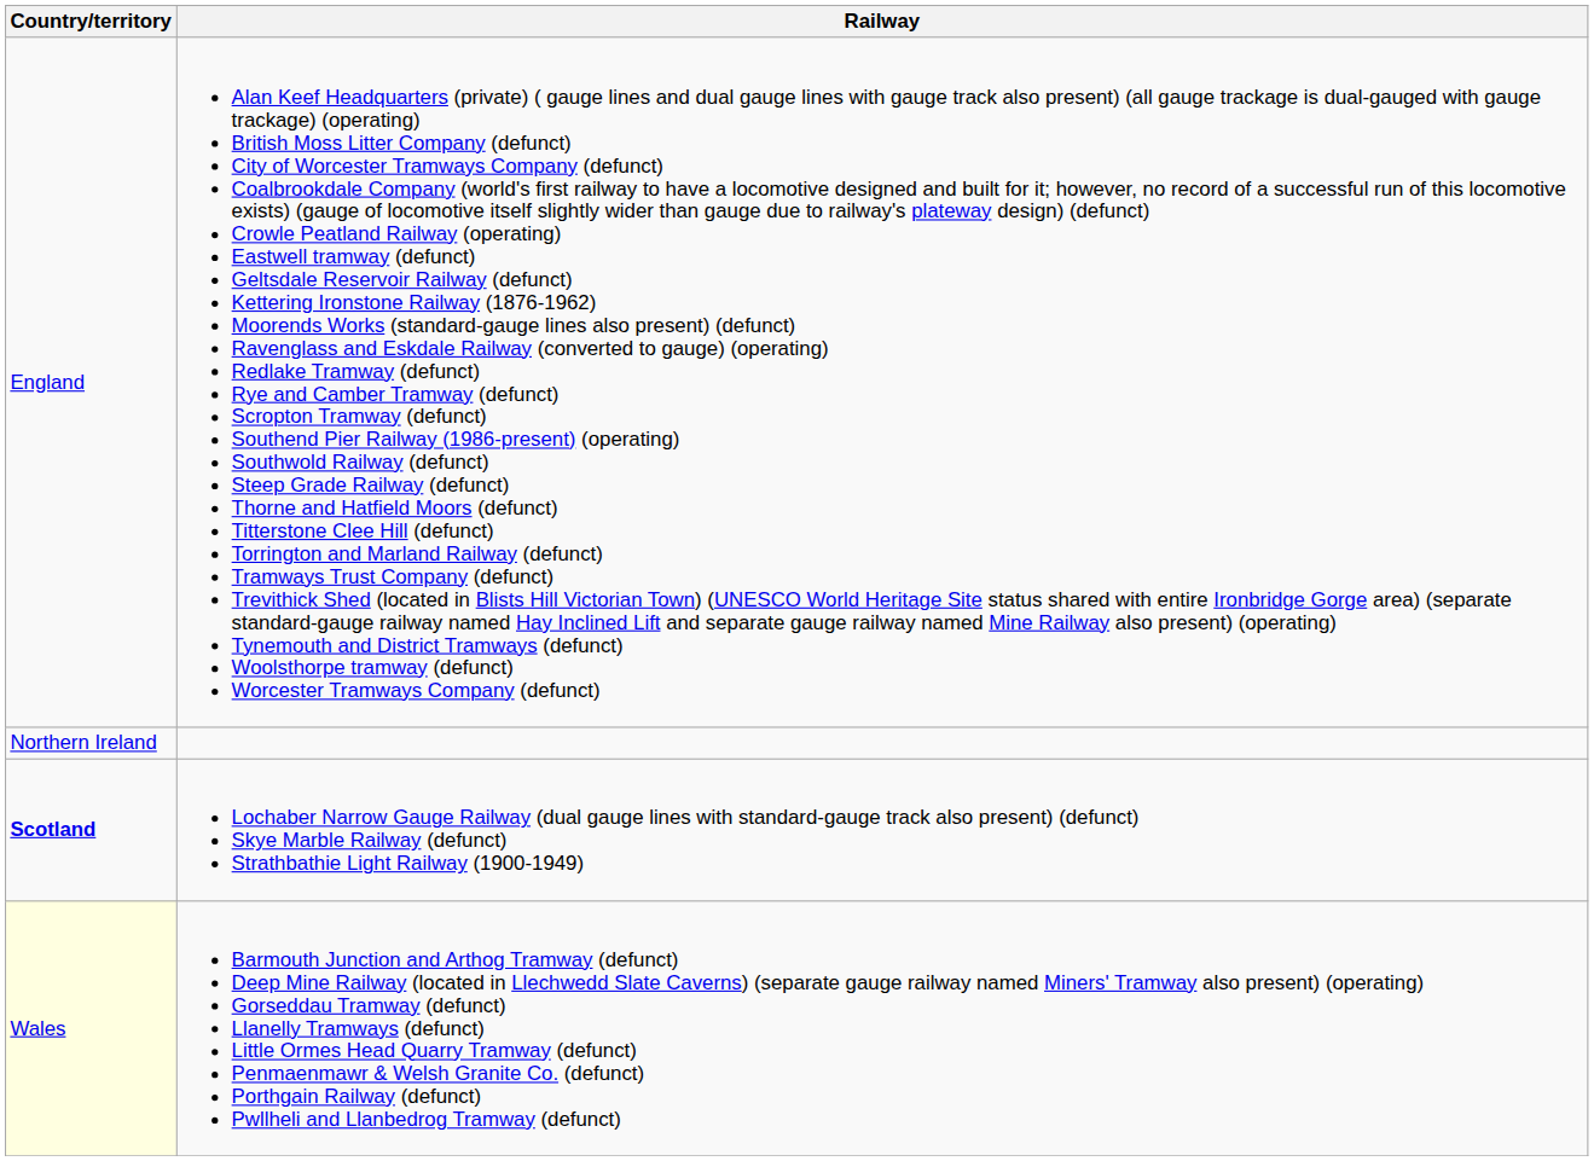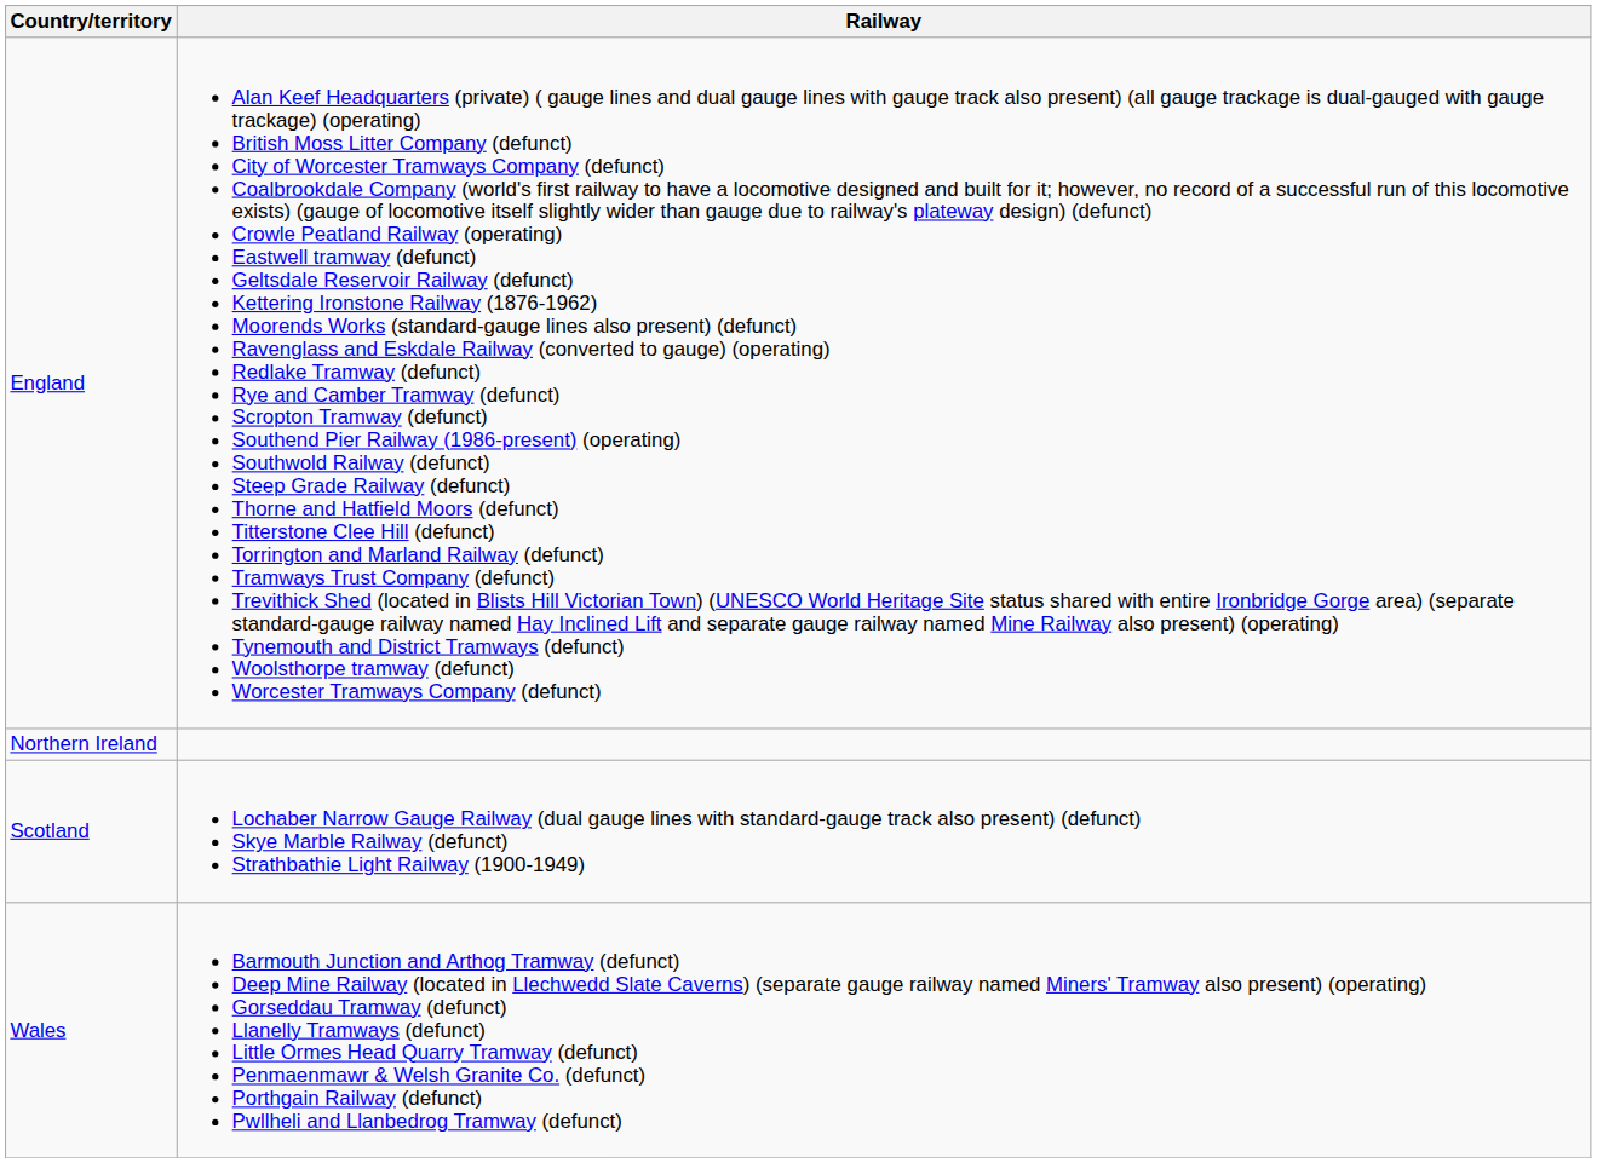 <table class=wikitable>
 <tr>
 <th>Country/territory</th>
 <th>Railway</th>
 </tr>
 <tr>
 <td><a href='#'>England</a></td>
 <td><br><ul><li><a href='#'>Alan Keef Headquarters</a> (private) ( gauge lines and dual gauge lines with  gauge track also present) (all  gauge trackage is dual-gauged with  gauge trackage) (operating)</li><li><a href='#'>British Moss Litter Company</a> (defunct)</li><li><a href='#'>City of Worcester Tramways Company</a> (defunct)</li><li><a href='#'>Coalbrookdale Company</a> (world's first railway to have a locomotive designed and built for it; however, no record of a successful run of this locomotive exists) (gauge of locomotive itself slightly wider than  gauge due to railway's <a href='#'>plateway</a> design) (defunct)</li><li><a href='#'>Crowle Peatland Railway</a> (operating)</li><li><a href='#'>Eastwell tramway</a> (defunct)</li><li><a href='#'>Geltsdale Reservoir Railway</a> (defunct)</li><li><a href='#'>Kettering Ironstone Railway</a> (1876-1962)</li><li><a href='#'>Moorends Works</a> (standard-gauge lines also present) (defunct)</li><li><a href='#'>Ravenglass and Eskdale Railway</a> (converted to  gauge) (operating)</li><li><a href='#'>Redlake Tramway</a> (defunct)</li><li><a href='#'>Rye and Camber Tramway</a> (defunct)</li><li><a href='#'>Scropton Tramway</a> (defunct)</li><li><a href='#'>Southend Pier Railway (1986-present)</a> (operating)</li><li><a href='#'>Southwold Railway</a> (defunct)</li><li><a href='#'>Steep Grade Railway</a> (defunct)</li><li><a href='#'>Thorne and Hatfield Moors</a> (defunct)</li><li><a href='#'>Titterstone Clee Hill</a> (defunct)</li><li><a href='#'>Torrington and Marland Railway</a> (defunct)</li><li><a href='#'>Tramways Trust Company</a> (defunct)</li><li><a href='#'>Trevithick Shed</a> (located in <a href='#'>Blists Hill Victorian Town</a>) (<a href='#'>UNESCO World Heritage Site</a> status shared with entire <a href='#'>Ironbridge Gorge</a> area) (separate standard-gauge railway named <a href='#'>Hay Inclined Lift</a> and separate  gauge railway named <a href='#'>Mine Railway</a> also present) (operating)</li><li><a href='#'>Tynemouth and District Tramways</a> (defunct)</li><li><a href='#'>Woolsthorpe tramway</a> (defunct)</li><li><a href='#'>Worcester Tramways Company</a> (defunct)</li></ul></td>
 </tr>
 <tr>
 <td><a href='#'>Northern Ireland</a></td>
 <td><br><strong></strong></td>
 </tr>
 <tr>
-<td><strong><a href='#'>Scotland</a></strong></td>
+<td><a href='#'>Scotland</a></td>
 <td><br><ul><li><a href='#'>Lochaber Narrow Gauge Railway</a> (dual gauge lines with standard-gauge track also present) (defunct)</li><li><a href='#'>Skye Marble Railway</a> (defunct)</li><li><a href='#'>Strathbathie Light Railway</a> (1900-1949)</li></ul></td>
 </tr>
 <tr>
-<td style="background: lightyellow;"><a href='#'>Wales</a></td>
+<td><a href='#'>Wales</a></td>
 <td><br><ul><li><a href='#'>Barmouth Junction and Arthog Tramway</a> (defunct)</li><li><a href='#'>Deep Mine Railway</a> (located in <a href='#'>Llechwedd Slate Caverns</a>) (separate  gauge railway named <a href='#'>Miners' Tramway</a> also present) (operating)</li><li><a href='#'>Gorseddau Tramway</a> (defunct)</li><li><a href='#'>Llanelly Tramways</a> (defunct)</li><li><a href='#'>Little Ormes Head Quarry Tramway</a> (defunct)</li><li><a href='#'>Penmaenmawr & Welsh Granite Co.</a> (defunct)</li><li><a href='#'>Porthgain Railway</a> (defunct)</li><li><a href='#'>Pwllheli and Llanbedrog Tramway</a> (defunct)</li></ul></td>
 </tr>
 </table>
